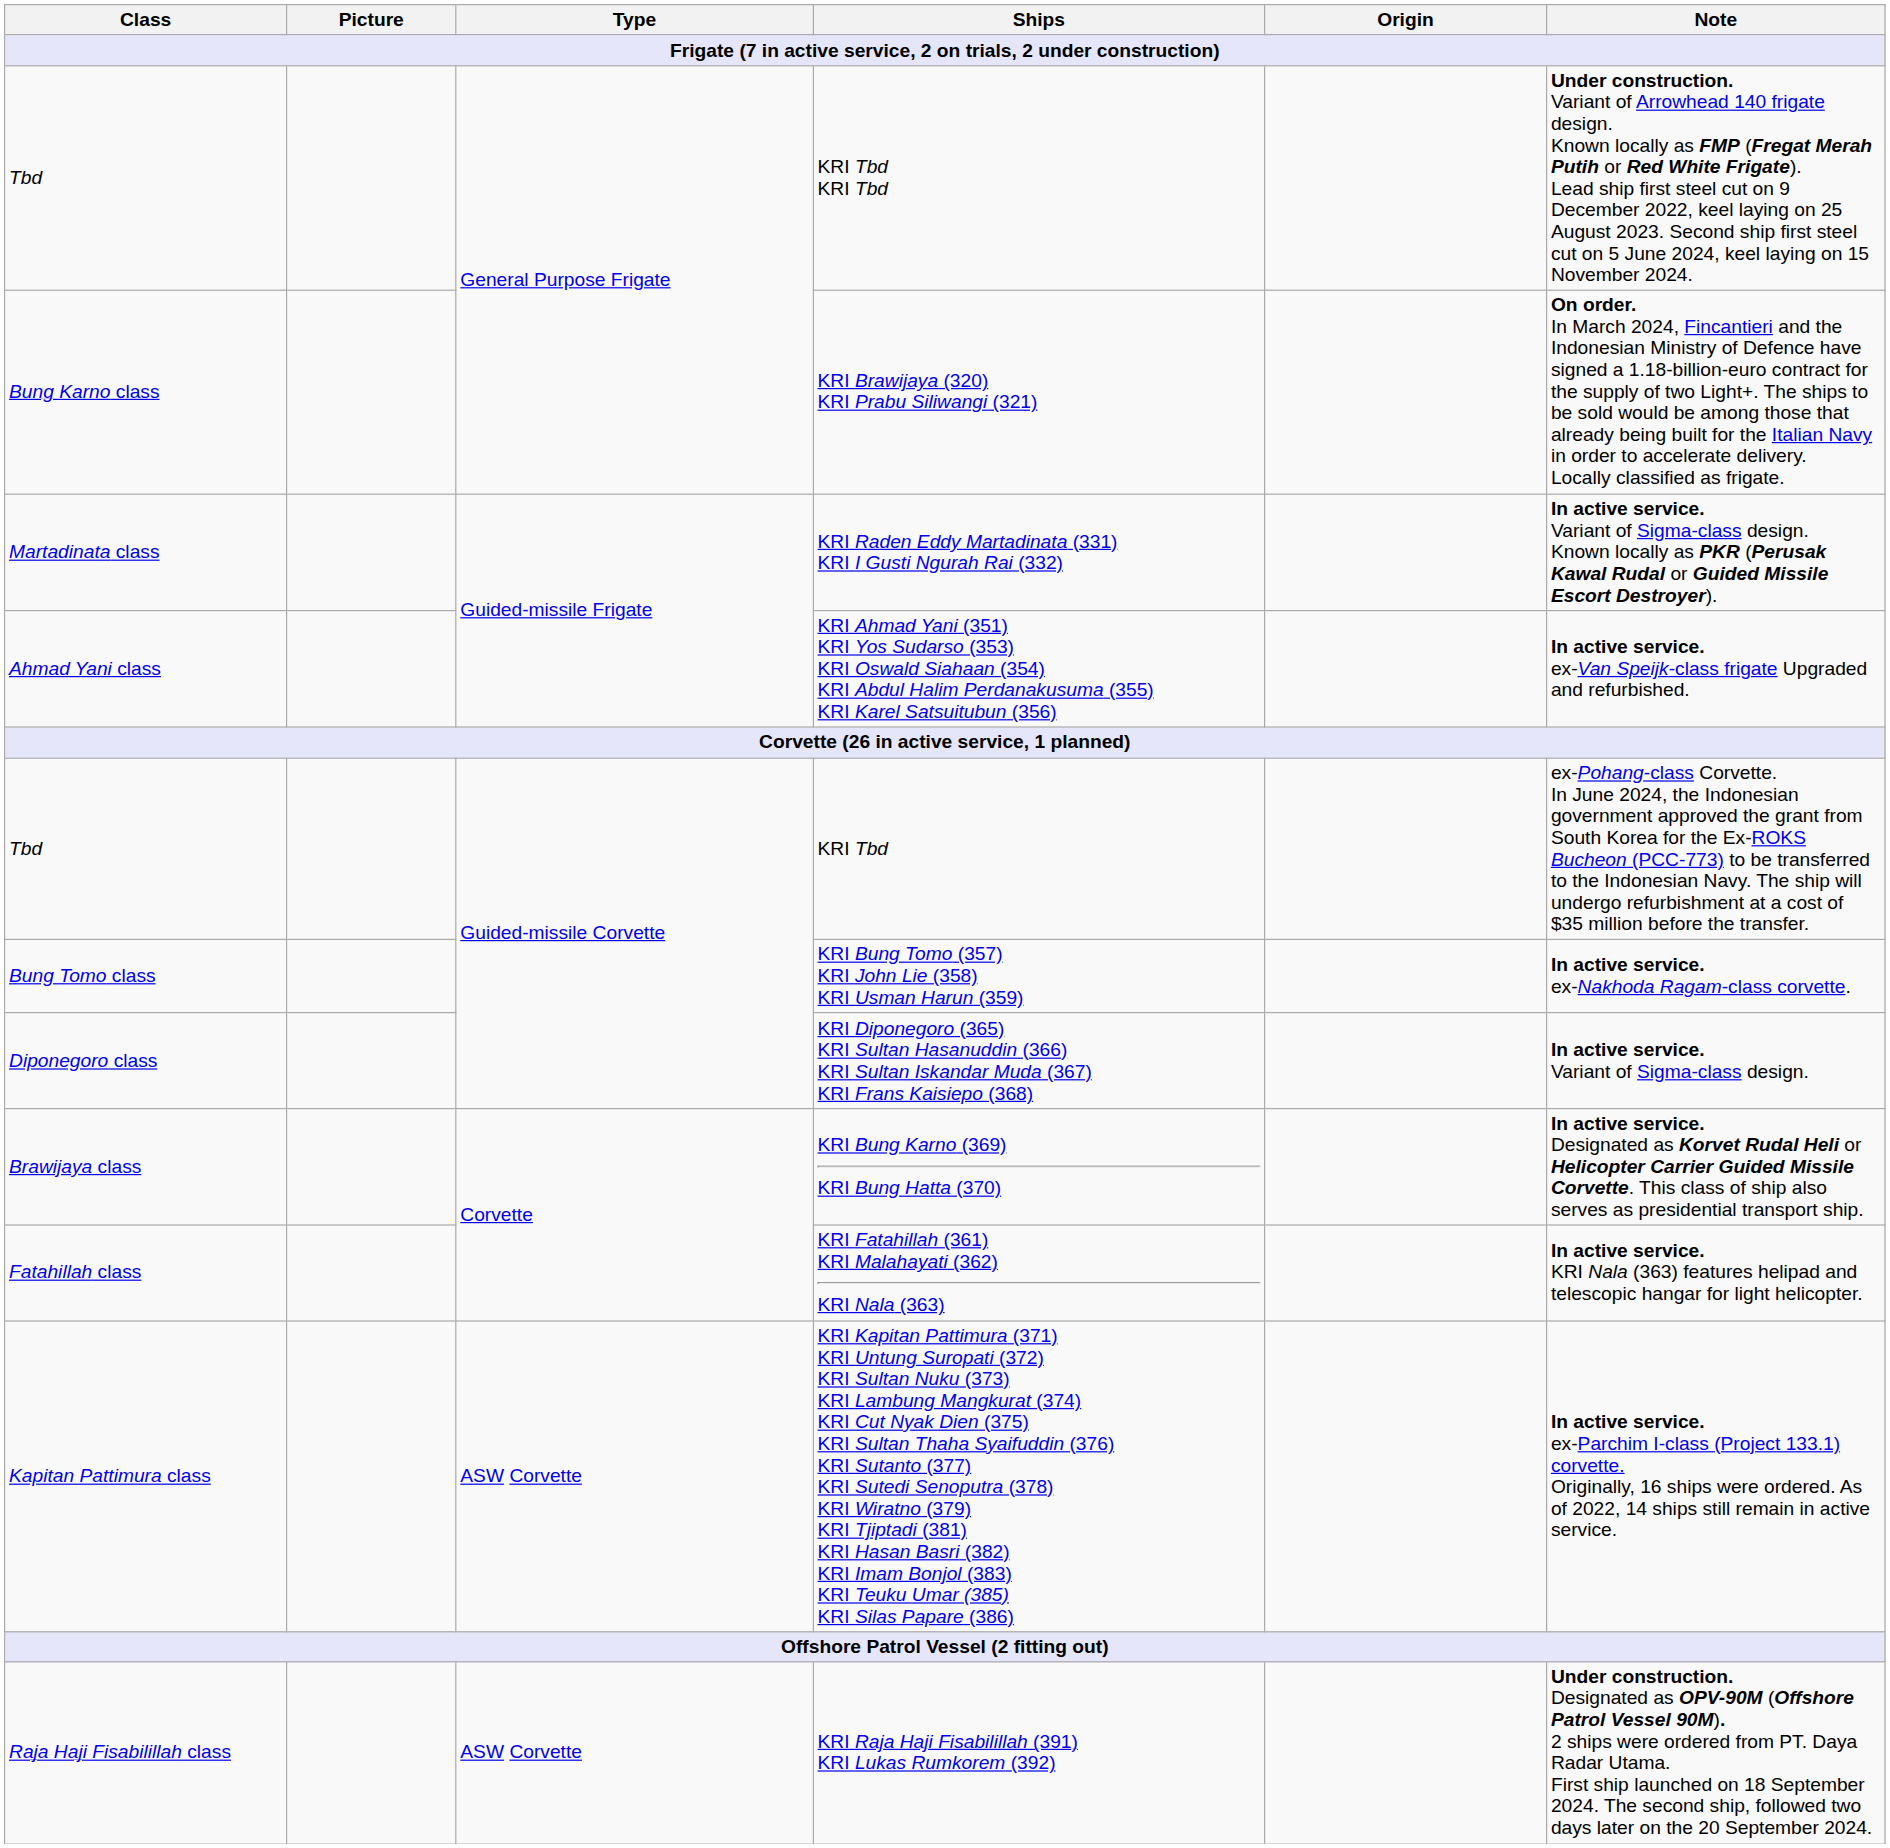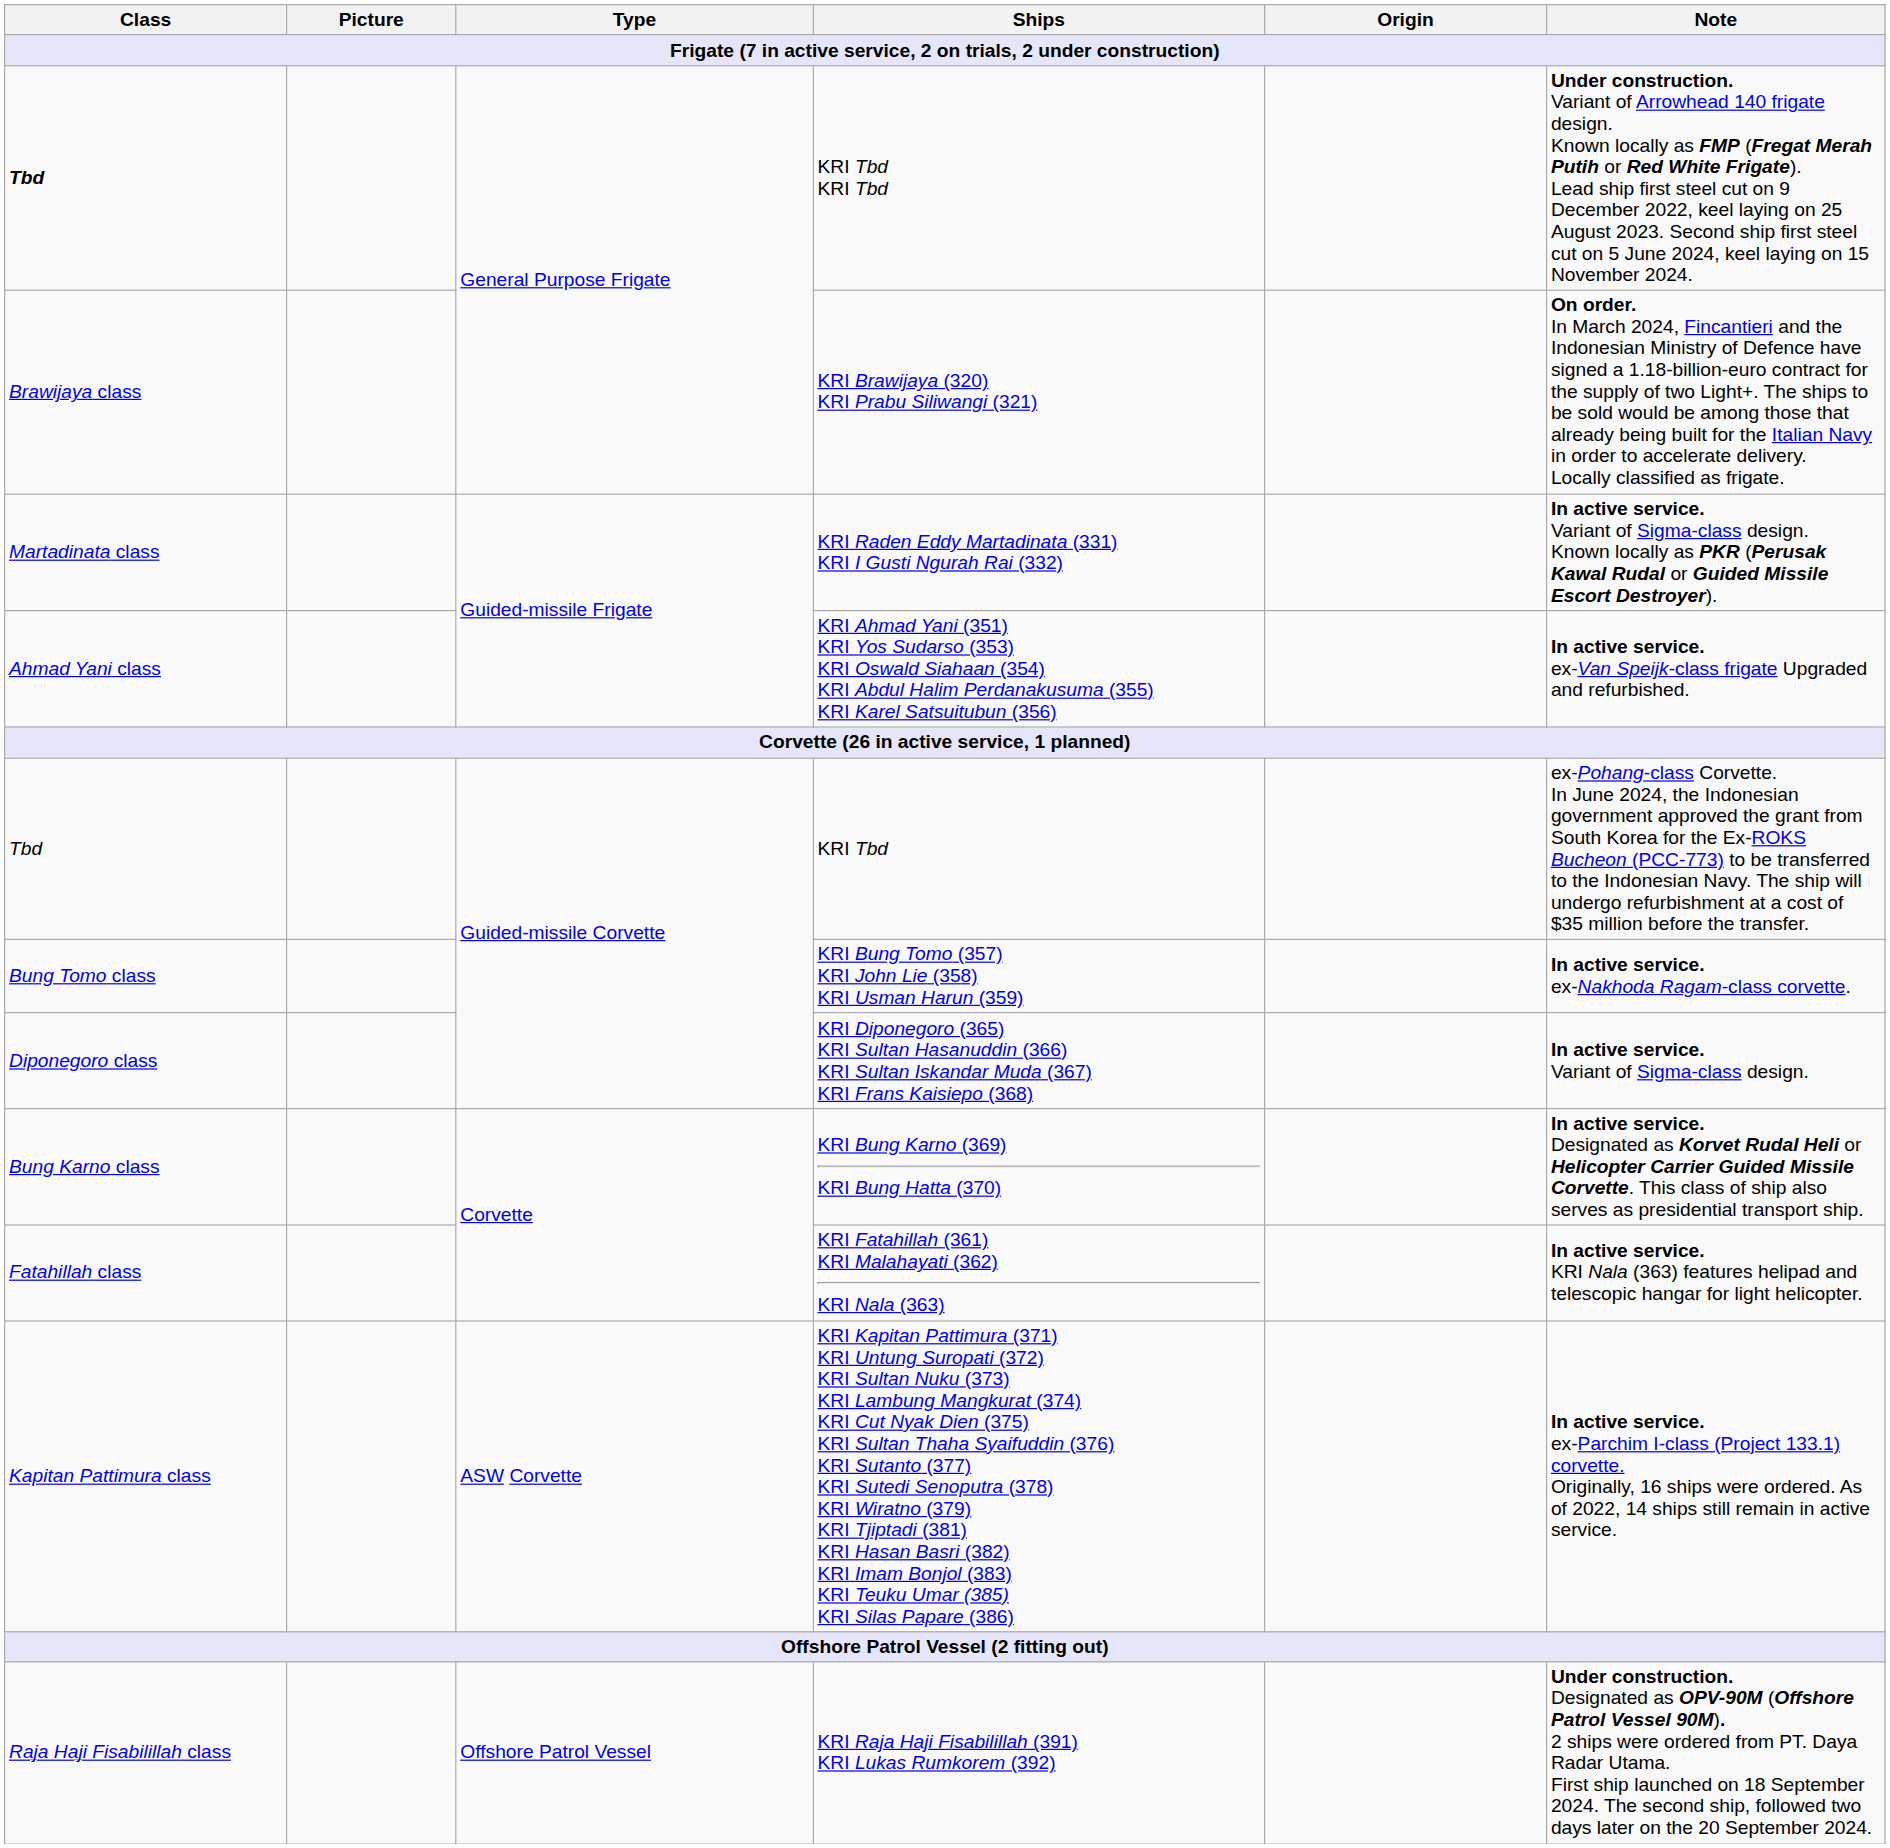 <table class="wikitable ">
 <tr>
 <th style="text-align:centre; width:15%;">Class</th>
 <th style="text-align:centre; width:9%;">Picture</th>
 <th style="text-align:centre; width:19%;">Type</th>
 <th style="text-align:centre; width:24%;">Ships</th>
 <th style="text-align:centre; width:15%;">Origin</th>
 <th style="text-align:centre; width:20%;">Note</th>
 </tr>
 <tr>
 <th colspan="6" style="background: lavender;">Frigate (7 in active service, 2 on trials, 2 under construction)</th>
 </tr>
 <tr>
-<td><em>Tbd</em></td>
+<td><strong><em>Tbd</em></strong></td>
 <td></td>
 <td rowspan="2"><a href='#'>General Purpose Frigate</a></td>
 <td>KRI <em>Tbd</em><br>KRI <em>Tbd</em></td>
 <td><br></td>
 <td><strong>Under construction.</strong><br>Variant of <a href='#'>Arrowhead 140 frigate</a> design.<br>Known locally as <strong><em>FMP</em></strong> (<strong><em>Fregat Merah Putih</em></strong> or <strong><em>Red White Frigate</em></strong>).<br>Lead ship first steel cut on 9 December 2022, keel laying on 25 August 2023. Second ship first steel cut on 5 June 2024, keel laying on 15 November 2024.</td>
 </tr>
 <tr>
-<td><a href='#'><em>Bung Karno</em> class</a></td>
+<td><a href='#'><em>Brawijaya</em> class</a></td>
 <td></td>
 <td><a href='#'>KRI <em>Brawijaya</em> (320)</a> <br><a href='#'>KRI <em>Prabu Siliwangi</em> (321)</a></td>
 <td></td>
 <td><strong>On order.</strong><br>In March 2024, <a href='#'>Fincantieri</a> and the Indonesian Ministry of Defence have signed a 1.18-billion-euro contract for the supply of two  Light+. The ships to be sold would be among those that already being built for the <a href='#'>Italian Navy</a> in order to accelerate delivery.<br>Locally classified as frigate.</td>
 </tr>
 <tr>
 <td><a href='#'><em>Martadinata</em> class</a></td>
 <td></td>
 <td rowspan="2"><a href='#'>Guided-missile Frigate</a></td>
 <td><a href='#'>KRI <em>Raden Eddy Martadinata</em> (331)</a><br><a href='#'>KRI <em>I Gusti Ngurah Rai</em> (332)</a></td>
 <td><br></td>
 <td><strong>In active service.</strong><br>Variant of <a href='#'>Sigma-class</a> design.<br>Known locally as <strong><em>PKR</em></strong> (<strong><em>Perusak Kawal Rudal</em></strong> or <strong><em>Guided Missile Escort Destroyer</em></strong>).</td>
 </tr>
 <tr>
 <td><a href='#'><em>Ahmad Yani</em> class</a></td>
 <td></td>
 <td><a href='#'>KRI <em>Ahmad Yani</em> (351)</a><br><a href='#'>KRI <em>Yos Sudarso</em> (353)</a><br><a href='#'>KRI <em>Oswald Siahaan</em> (354)</a><br><a href='#'>KRI <em>Abdul Halim Perdanakusuma</em> (355)</a><br><a href='#'>KRI <em>Karel Satsuitubun</em> (356)</a></td>
 <td></td>
 <td><strong>In active service.</strong><br>ex-<a href='#'><em>Van Speijk</em>-class frigate</a> Upgraded and refurbished.</td>
 </tr>
 <tr>
 <th colspan="6" style="background: lavender;">Corvette (26 in active service, 1 planned)</th>
 </tr>
 <tr>
 <td><em>Tbd</em></td>
 <td></td>
 <td rowspan="3"><a href='#'>Guided-missile Corvette</a></td>
 <td>KRI <em>Tbd</em></td>
 <td></td>
 <td>ex-<a href='#'><em>Pohang</em>-class</a> Corvette.<br>In June 2024, the Indonesian government approved the grant from South Korea for the Ex-<a href='#'>ROKS <em>Bucheon</em> (PCC-773)</a> to be transferred to the Indonesian Navy.  The ship will undergo refurbishment at a cost of $35 million before the transfer.</td>
 </tr>
 <tr>
 <td><a href='#'><em>Bung Tomo</em> class</a></td>
 <td></td>
 <td><a href='#'>KRI <em>Bung Tomo</em> (357)</a><br><a href='#'>KRI <em>John Lie</em> (358)</a><br><a href='#'>KRI <em>Usman Harun</em> (359)</a></td>
 <td></td>
 <td><strong>In active service.</strong><br>ex-<a href='#'><em>Nakhoda Ragam</em>-class corvette</a>.</td>
 </tr>
 <tr>
 <td><a href='#'><em>Diponegoro</em> class</a></td>
 <td></td>
 <td><a href='#'>KRI <em>Diponegoro</em> (365)</a><br><a href='#'>KRI <em>Sultan Hasanuddin</em> (366)</a><br><a href='#'>KRI <em>Sultan Iskandar Muda</em> (367)</a><br><a href='#'>KRI <em>Frans Kaisiepo</em> (368)</a></td>
 <td></td>
 <td><strong>In active service.</strong><br>Variant of <a href='#'>Sigma-class</a> design.</td>
 </tr>
 <tr>
-<td><a href='#'><em>Brawijaya</em> class</a></td>
+<td><a href='#'><em>Bung Karno</em> class</a></td>
 <td></td>
 <td rowspan="2"><a href='#'>Corvette</a></td>
 <td><a href='#'>KRI <em>Bung Karno</em> (369)</a> <hr><a href='#'>KRI <em>Bung Hatta</em> (370)</a></td>
 <td></td>
 <td><strong>In active service.</strong><br>Designated as <strong><em>Korvet Rudal Heli</em></strong> or <strong><em>Helicopter Carrier  Guided Missile Corvette</em></strong>. This class of ship also serves as presidential transport ship.</td>
 </tr>
 <tr>
 <td><a href='#'><em>Fatahillah</em> class</a></td>
 <td></td>
 <td><a href='#'>KRI <em>Fatahillah</em> (361)</a><br><a href='#'>KRI <em>Malahayati</em> (362)</a> <hr><a href='#'>KRI <em>Nala</em> (363)</a></td>
 <td></td>
 <td><strong>In active service.</strong><br>KRI <em>Nala</em> (363) features helipad and telescopic hangar for light helicopter.</td>
 </tr>
 <tr>
 <td><a href='#'><em>Kapitan Pattimura</em> class</a></td>
 <td></td>
 <td><a href='#'>ASW</a> <a href='#'>Corvette</a></td>
 <td><a href='#'>KRI <em>Kapitan Pattimura</em> (371)</a><br><a href='#'>KRI <em>Untung Suropati</em> (372)</a><br><a href='#'>KRI <em>Sultan Nuku</em> (373)</a><br><a href='#'>KRI <em>Lambung Mangkurat</em> (374)</a><br><a href='#'>KRI <em>Cut Nyak Dien</em> (375)</a><br><a href='#'>KRI <em>Sultan Thaha Syaifuddin</em> (376)</a><br><a href='#'>KRI <em>Sutanto</em> (377)</a><br><a href='#'>KRI <em>Sutedi Senoputra</em> (378)</a><br><a href='#'>KRI <em>Wiratno</em> (379)</a><br><a href='#'>KRI <em>Tjiptadi</em> (381)</a><br><a href='#'>KRI <em>Hasan Basri</em> (382)</a><br><a href='#'>KRI <em>Imam Bonjol</em> (383)</a><br><a href='#'>KRI <em>Teuku Umar (385)</em></a><br><a href='#'>KRI <em>Silas Papare</em> (386)</a></td>
 <td></td>
 <td><strong>In active service.</strong><br>ex-<a href='#'>Parchim I-class (Project 133.1) corvette.</a><br>Originally, 16 ships were ordered. As of 2022, 14 ships still remain in active service.</td>
 </tr>
 <tr>
 <th colspan="6" style="background: lavender;">Offshore Patrol Vessel (2 fitting out)</th>
 </tr>
 <tr>
 <td><a href='#'><em>Raja Haji Fisabilillah</em> class</a></td>
 <td></td>
-<td><a href='#'>ASW</a> <a href='#'>Corvette</a></td>
+<td><a href='#'>Offshore Patrol Vessel</a></td>
 <td><a href='#'>KRI <em>Raja Haji Fisabilillah</em> (391)</a><br><a href='#'>KRI <em>Lukas Rumkorem</em> (392)</a></td>
 <td></td>
 <td><strong>Under construction.</strong><br>Designated as <strong><em>OPV-90M</em></strong> (<strong><em>Offshore Patrol Vessel 90M</em></strong>)<strong>.</strong><br>2 ships were ordered from PT. Daya Radar Utama.<br>First ship launched on 18 September 2024. The second ship, followed two days later on the 20 September 2024.</td>
 </tr>
 </table>
